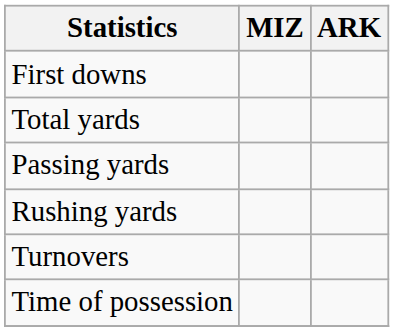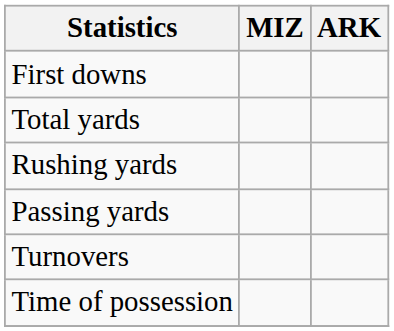 <table class="wikitable" style="float: left;">
 <tr>
 <th>Statistics</th>
 <th>MIZ</th>
 <th>ARK</th>
 </tr>
 <tr>
 <td>First downs</td>
 <td></td>
 <td></td>
 </tr>
 <tr>
 <td>Total yards</td>
 <td></td>
 <td></td>
 </tr>
 <tr>
-<td>Passing yards</td>
+<td>Rushing yards</td>
 <td></td>
 <td></td>
 </tr>
 <tr>
-<td>Rushing yards</td>
+<td>Passing yards</td>
 <td></td>
 <td></td>
 </tr>
 <tr>
 <td>Turnovers</td>
 <td></td>
 <td></td>
 </tr>
 <tr>
 <td>Time of possession</td>
 <td></td>
 <td></td>
 </tr>
 <tr>
 </tr>
 </table>
